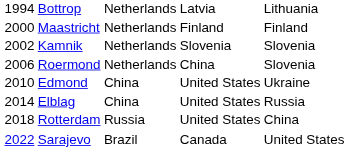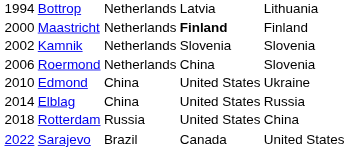 <table>
 <tr>
 <td style="text-align: center;">  1994</td>
 <td><a href='#'>Bottrop</a></td>
 <td> Netherlands</td>
 <td> Latvia</td>
 <td> Lithuania</td>
 </tr>
 <tr>
 <td style="text-align: center;">  2000</td>
 <td><a href='#'>Maastricht</a></td>
 <td> Netherlands</td>
-<td> Finland</td>
+<td><strong> Finland</strong></td>
 <td> Finland</td>
 </tr>
 <tr>
 <td style="text-align: center;"> 2002</td>
 <td><a href='#'>Kamnik</a></td>
 <td> Netherlands</td>
 <td> Slovenia</td>
 <td> Slovenia</td>
 </tr>
 <tr>
 <td style="text-align: center;"> 2006</td>
 <td><a href='#'>Roermond</a></td>
 <td> Netherlands</td>
 <td> China</td>
 <td> Slovenia</td>
 </tr>
 <tr>
 <td style="text-align: center;"> 2010</td>
 <td><a href='#'>Edmond</a></td>
 <td> China</td>
 <td> United States</td>
 <td> Ukraine</td>
 </tr>
 <tr>
 <td style="text-align: center;"> 2014</td>
 <td><a href='#'>Elblag</a></td>
 <td> China</td>
 <td> United States</td>
 <td> Russia</td>
 </tr>
 <tr>
 <td style="text-align: center;">  2018</td>
 <td><a href='#'>Rotterdam</a></td>
 <td> Russia</td>
 <td> United States</td>
 <td> China</td>
 </tr>
 <tr>
 </tr>
 <tr>
 <td style="text-align: center;"> <a href='#'>2022</a></td>
 <td><a href='#'>Sarajevo</a></td>
 <td> Brazil</td>
 <td> Canada</td>
 <td> United States</td>
 </tr>
 </table>
